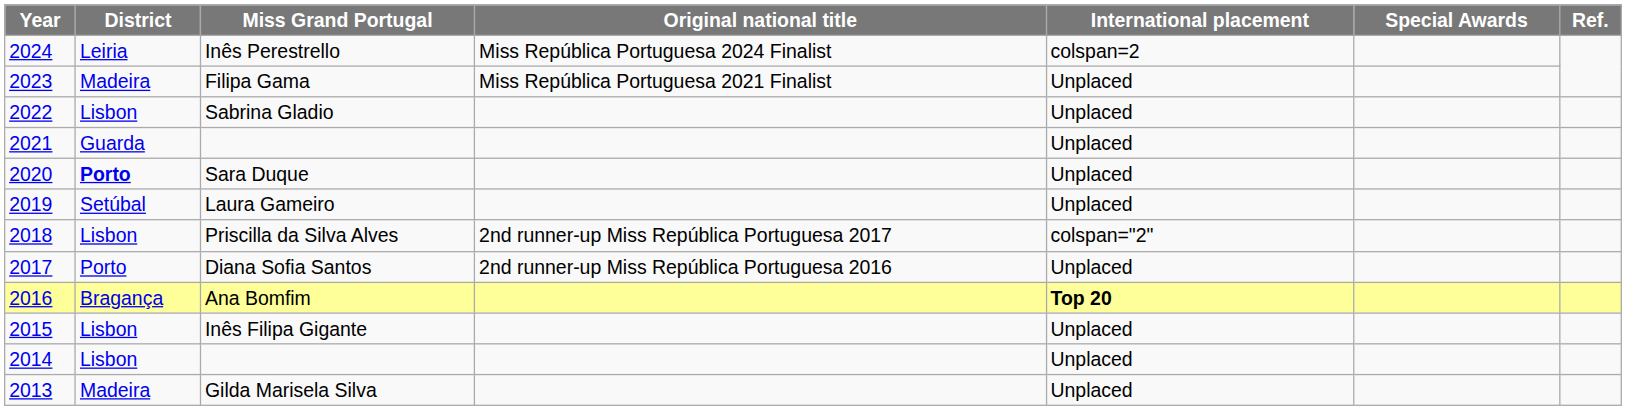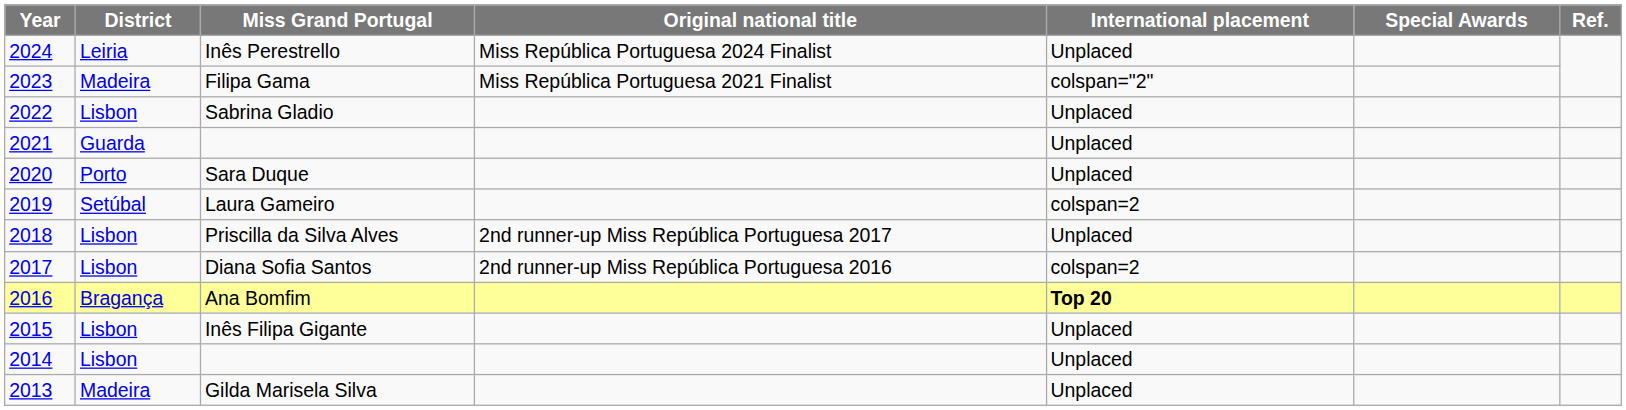 <table class="wikitable col4center col5center" style="font-size: 95%; width:100%;">
 <tr>
 <th style="background-color:#787878;color:#FFFFFF;">Year</th>
 <th style="background-color:#787878;color:#FFFFFF;">District</th>
 <th style="background-color:#787878;color:#FFFFFF;">Miss Grand Portugal</th>
 <th style="background-color:#787878;color:#FFFFFF;">Original national title</th>
 <th style="background-color:#787878;color:#FFFFFF;">International placement</th>
 <th style="background-color:#787878;color:#FFFFFF;">Special Awards</th>
 <th style="background-color:#787878;color:#FFFFFF;">Ref.</th>
 </tr>
 <tr>
 <td><a href='#'>2024</a></td>
 <td><a href='#'>Leiria</a></td>
 <td>Inês Perestrello</td>
 <td>Miss República Portuguesa 2024 Finalist</td>
-<td>colspan=2 </td>
+<td>Unplaced</td>
 <td></td>
 </tr>
 <tr>
 <td><a href='#'>2023</a></td>
 <td><a href='#'>Madeira</a></td>
 <td>Filipa Gama</td>
 <td>Miss República Portuguesa 2021 Finalist</td>
-<td>Unplaced</td>
+<td>colspan="2" </td>
 <td></td>
 </tr>
 <tr>
 <td><a href='#'>2022</a></td>
 <td><a href='#'>Lisbon</a></td>
 <td>Sabrina Gladio</td>
 <td></td>
 <td>Unplaced</td>
 <td></td>
 <td></td>
 </tr>
 <tr>
 <td><a href='#'>2021</a></td>
 <td><a href='#'>Guarda</a></td>
 <td></td>
 <td></td>
 <td>Unplaced</td>
 <td></td>
 <td></td>
 </tr>
 <tr>
 <td><a href='#'>2020</a></td>
-<td><strong><a href='#'>Porto</a></strong></td>
+<td><a href='#'>Porto</a></td>
 <td>Sara Duque</td>
 <td></td>
 <td>Unplaced</td>
 <td></td>
 <td></td>
 </tr>
 <tr>
 <td><a href='#'>2019</a></td>
 <td><a href='#'>Setúbal</a></td>
 <td>Laura Gameiro</td>
 <td></td>
-<td>Unplaced</td>
+<td>colspan=2 </td>
 <td></td>
 <td></td>
 </tr>
 <tr>
 <td><a href='#'>2018</a></td>
 <td><a href='#'>Lisbon</a></td>
 <td>Priscilla da Silva Alves</td>
 <td>2nd runner-up Miss República Portuguesa 2017</td>
-<td>colspan="2" </td>
+<td>Unplaced</td>
 <td></td>
 <td></td>
 </tr>
 <tr>
 <td><a href='#'>2017</a></td>
-<td><a href='#'>Porto</a></td>
+<td><a href='#'>Lisbon</a></td>
 <td>Diana Sofia Santos</td>
 <td>2nd runner-up Miss República Portuguesa 2016</td>
-<td>Unplaced</td>
+<td>colspan=2 </td>
 <td></td>
 <td></td>
 </tr>
 <tr style="background-color:#FFFF99;">
 <td><a href='#'>2016</a></td>
 <td><a href='#'>Bragança</a></td>
 <td>Ana Bomfim</td>
 <td></td>
 <td><strong>Top 20</strong></td>
 <td></td>
 <td></td>
 </tr>
 <tr>
 <td><a href='#'>2015</a></td>
 <td><a href='#'>Lisbon</a></td>
 <td>Inês Filipa Gigante</td>
 <td></td>
 <td>Unplaced</td>
 <td></td>
 <td></td>
 </tr>
 <tr>
 <td><a href='#'>2014</a></td>
 <td><a href='#'>Lisbon</a></td>
 <td></td>
 <td></td>
 <td>Unplaced</td>
 <td></td>
 <td></td>
 </tr>
 <tr>
 <td><a href='#'>2013</a></td>
 <td><a href='#'>Madeira</a></td>
 <td>Gilda Marisela Silva</td>
 <td></td>
 <td>Unplaced</td>
 <td></td>
 <td></td>
 </tr>
 </table>
